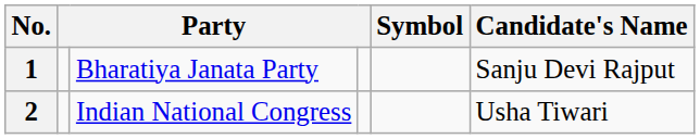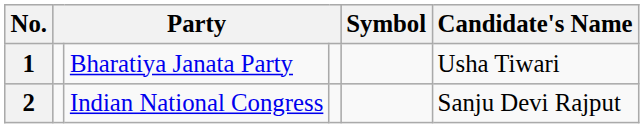 <table class="wikitable sortable">
 <tr>
 <th>No.</th>
 <th colspan="3">Party</th>
 <th>Symbol</th>
 <th>Candidate's Name</th>
 </tr>
 <tr>
 <th>1</th>
 <td style="background:"></td>
 <td><a href='#'>Bharatiya Janata Party</a></td>
 <td></td>
 <td></td>
-<td>Sanju Devi Rajput</td>
+<td>Usha Tiwari</td>
 </tr>
 <tr>
 <th>2</th>
 <td style="background:"></td>
 <td><a href='#'>Indian National Congress</a></td>
 <td></td>
 <td></td>
-<td>Usha Tiwari</td>
+<td>Sanju Devi Rajput</td>
 </tr>
 </table>
